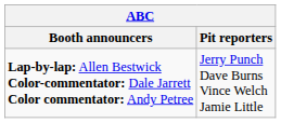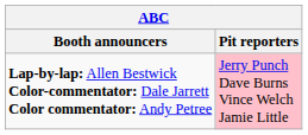 <table class="wikitable" style="font-size: 95%;">
 <tr>
 <th colspan="2"><a href='#'>ABC</a></th>
 </tr>
 <tr>
 <th>Booth announcers</th>
 <th>Pit reporters</th>
 </tr>
 <tr>
 <td><strong>Lap-by-lap:</strong> <a href='#'>Allen Bestwick</a><br><strong>Color-commentator:</strong> <a href='#'>Dale Jarrett</a><br><strong>Color commentator:</strong> <a href='#'>Andy Petree</a></td>
-<td><a href='#'>Jerry Punch</a><br>Dave Burns<br>Vince Welch<br>Jamie Little</td>
+<td style="background: pink;"><a href='#'>Jerry Punch</a><br>Dave Burns<br>Vince Welch<br>Jamie Little</td>
 </tr>
 </table>
